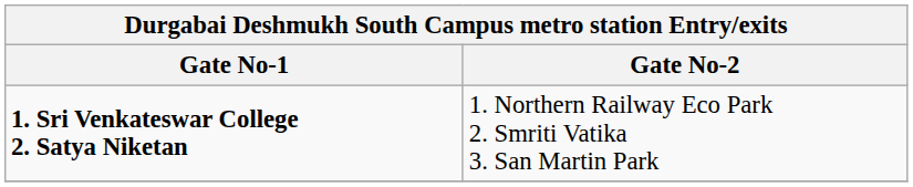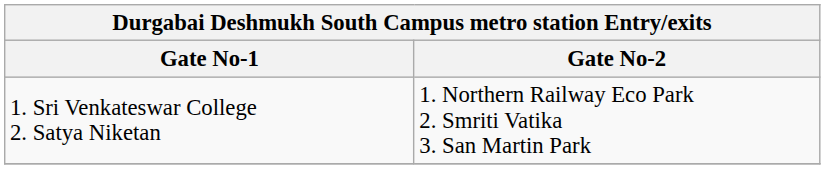 <table class="wikitable" center;" width="65%">
 <tr>
 <th align="center" colspan="5" style="background:#"><span>Durgabai Deshmukh South Campus metro station Entry/exits</span></th>
 </tr>
 <tr>
 <th style="width:15%;">Gate No-1 </th>
 <th style="width:15%;">Gate No-2 </th>
 </tr>
 <tr>
-<td><strong>1. Sri Venkateswar College<br>2. Satya Niketan</strong></td>
+<td>1. Sri Venkateswar College<br>2. Satya Niketan</td>
 <td>1. Northern Railway Eco Park<br>2. Smriti Vatika<br>3. San Martin Park</td>
 </tr>
 <tr>
 </tr>
 </table>
